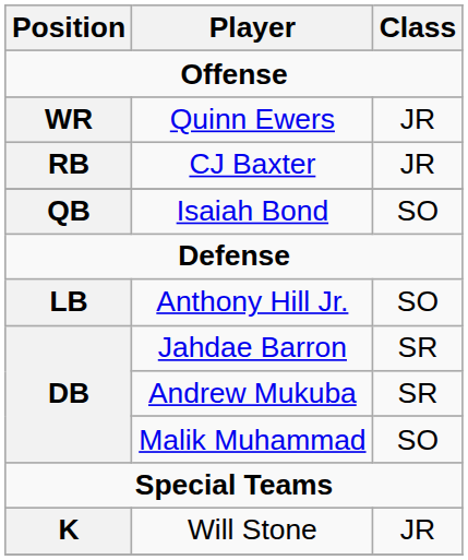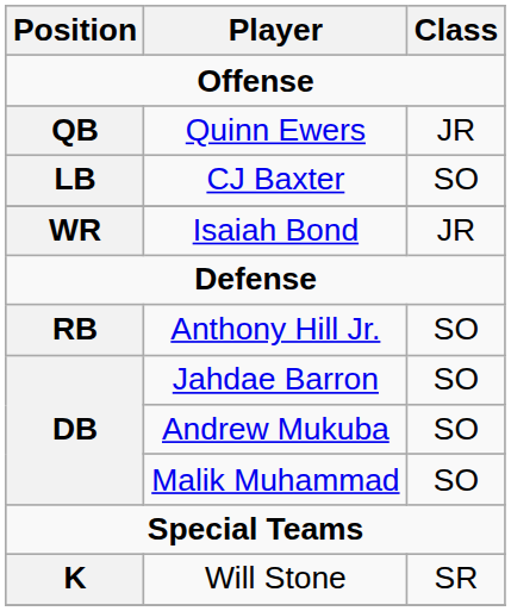 <table class="wikitable">
 <tr>
 <th>Position</th>
 <th>Player</th>
 <th>Class</th>
 </tr>
 <tr>
 <td colspan="4" style="text-align:center; "><strong>Offense</strong></td>
 </tr>
 <tr style="text-align:center;">
-<th rowspan="1">WR</th>
+<th rowspan="1">QB</th>
 <td><a href='#'>Quinn Ewers</a></td>
 <td>JR</td>
 </tr>
 <tr style="text-align:center;">
-<th rowspan="1">RB</th>
+<th rowspan="1">LB</th>
 <td><a href='#'>CJ Baxter</a></td>
-<td>JR</td>
+<td>SO</td>
 </tr>
 <tr>
 </tr>
 <tr style="text-align:center;">
-<th rowspan="1">QB</th>
+<th rowspan="1">WR</th>
 <td><a href='#'>Isaiah Bond</a></td>
-<td>SO</td>
+<td>JR</td>
 </tr>
 <tr>
 <td colspan="4" style="text-align:center; "><strong>Defense</strong></td>
 </tr>
 <tr style="text-align:center;">
-<th rowspan="1">LB</th>
+<th rowspan="1">RB</th>
 <td><a href='#'>Anthony Hill Jr.</a></td>
 <td>SO</td>
 </tr>
 <tr style="text-align:center;">
 <th rowspan="3">DB</th>
 <td><a href='#'>Jahdae Barron</a></td>
-<td>SR</td>
+<td>SO</td>
 </tr>
 <tr style="text-align:center;">
 <td><a href='#'>Andrew Mukuba</a></td>
-<td>SR</td>
+<td>SO</td>
 </tr>
 <tr style="text-align:center;">
 <td><a href='#'>Malik Muhammad</a></td>
 <td>SO</td>
 </tr>
 <tr>
 <td colspan="4" style="text-align:center; "><strong>Special Teams</strong></td>
 </tr>
 <tr style="text-align:center;">
 <th rowspan="1">K</th>
 <td>Will Stone</td>
-<td>JR</td>
+<td>SR</td>
 </tr>
 <tr>
 </tr>
 </table>
